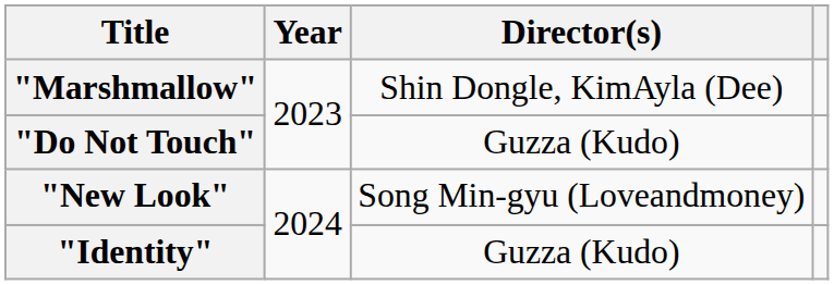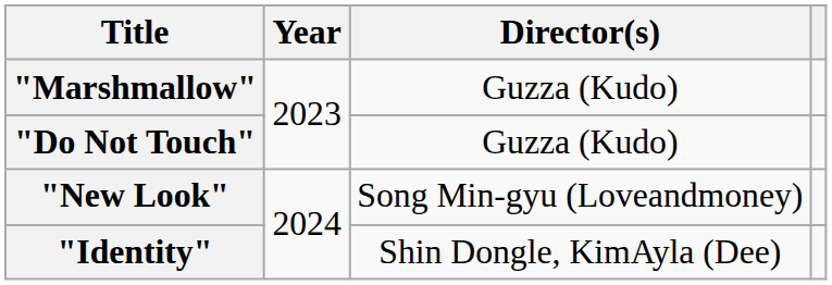 <table class="wikitable plainrowheaders" style="text-align:center">
 <tr>
 <th scope="col">Title</th>
 <th scope="col">Year</th>
 <th scope="col">Director(s)</th>
 <th scope="col"></th>
 </tr>
 <tr>
 <th scope="row">"Marshmallow"</th>
 <td rowspan="2">2023</td>
-<td>Shin Dongle, KimAyla (Dee)</td>
+<td>Guzza (Kudo)</td>
 <td></td>
 </tr>
 <tr>
 <th scope="row">"Do Not Touch"</th>
 <td>Guzza (Kudo)</td>
 <td></td>
 </tr>
 <tr>
 <th scope="row">"New Look"</th>
 <td rowspan="2">2024</td>
 <td>Song Min-gyu (Loveandmoney)</td>
 <td></td>
 </tr>
 <tr>
 <th scope="row">"Identity"</th>
-<td>Guzza (Kudo)</td>
+<td>Shin Dongle, KimAyla (Dee)</td>
 <td></td>
 </tr>
 </table>
